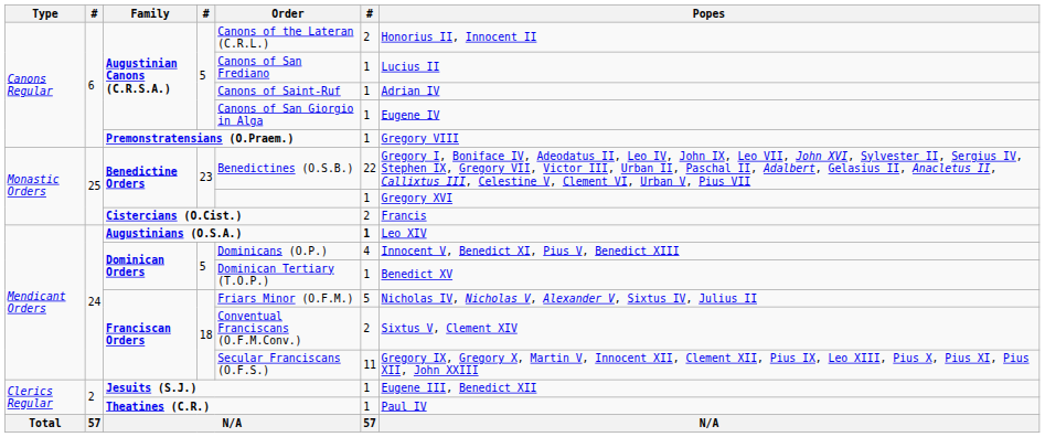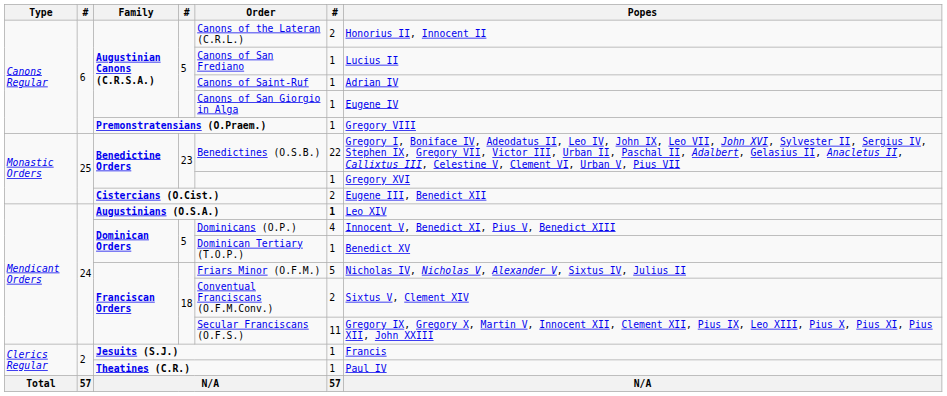 <table class="wikitable">
 <tr>
 <th>Type</th>
 <th>#</th>
 <th>Family</th>
 <th>#</th>
 <th>Order</th>
 <th>#</th>
 <th>Popes</th>
 </tr>
 <tr>
 <td rowspan="5"><em><a href='#'>Canons Regular</a></em></td>
 <td rowspan="5">6</td>
 <td rowspan="4"><strong><a href='#'>Augustinian<br>Canons</a><br>(C.R.S.A.)</strong></td>
 <td rowspan="4">5</td>
 <td><a href='#'>Canons of the Lateran</a> (C.R.L.)</td>
 <td>2</td>
 <td><a href='#'>Honorius II</a>, <a href='#'>Innocent II</a></td>
 </tr>
 <tr>
 <td><a href='#'>Canons of San Frediano</a></td>
 <td>1</td>
 <td><a href='#'>Lucius II</a></td>
 </tr>
 <tr>
 <td><a href='#'>Canons of Saint-Ruf</a></td>
 <td>1</td>
 <td><a href='#'>Adrian IV</a></td>
 </tr>
 <tr>
 <td><a href='#'>Canons of San Giorgio in Alga</a></td>
 <td>1</td>
 <td><a href='#'>Eugene IV</a></td>
 </tr>
 <tr>
 <td colspan="3"><strong><a href='#'>Premonstratensians</a> (O.Praem.)</strong></td>
 <td>1</td>
 <td><a href='#'>Gregory VIII</a></td>
 </tr>
 <tr>
 <td rowspan="3"><em><a href='#'>Monastic Orders</a></em></td>
 <td rowspan="3">25</td>
 <td rowspan="2"><strong><a href='#'>Benedictine Orders</a></strong></td>
 <td rowspan="2">23</td>
 <td><a href='#'>Benedictines</a> (O.S.B.)</td>
 <td>22</td>
 <td><a href='#'>Gregory I</a>, <a href='#'>Boniface IV</a>, <a href='#'>Adeodatus II</a>, <a href='#'>Leo IV</a>, <a href='#'>John IX</a>, <a href='#'>Leo VII</a>, <em><a href='#'>John XVI</a></em>, <a href='#'>Sylvester II</a>, <a href='#'>Sergius IV</a>, <a href='#'>Stephen IX</a>, <a href='#'>Gregory VII</a>, <a href='#'>Victor III</a>, <a href='#'>Urban II</a>, <a href='#'>Paschal II</a>, <em><a href='#'>Adalbert</a></em>, <a href='#'>Gelasius II</a>, <em><a href='#'>Anacletus II</a></em>, <em><a href='#'>Callixtus III</a></em>, <a href='#'>Celestine V</a>, <a href='#'>Clement VI</a>, <a href='#'>Urban V</a>, <a href='#'>Pius VII</a></td>
 </tr>
 <tr>
 <td></td>
 <td>1</td>
 <td><a href='#'>Gregory XVI</a></td>
 </tr>
 <tr>
 <td colspan="3"><strong><a href='#'>Cistercians</a> (O.Cist.)</strong></td>
 <td>2</td>
-<td><a href='#'>Francis</a></td>
+<td><a href='#'>Eugene III</a>, <a href='#'>Benedict XII</a></td>
 </tr>
 <tr>
 <td rowspan="6"><em><a href='#'>Mendicant Orders</a></em></td>
 <td rowspan="6">24</td>
 <td colspan="3"><strong><a href='#'>Augustinians</a> (O.S.A.)</strong></td>
 <td><strong>1</strong></td>
 <td><a href='#'>Leo XIV</a></td>
 </tr>
 <tr>
 <td rowspan="2"><strong><a href='#'>Dominican Orders</a></strong></td>
 <td rowspan="2">5</td>
 <td><a href='#'>Dominicans</a> (O.P.)</td>
 <td>4</td>
 <td><a href='#'>Innocent V</a>, <a href='#'>Benedict XI</a>, <a href='#'>Pius V</a>, <a href='#'>Benedict XIII</a></td>
 </tr>
 <tr>
 <td><a href='#'>Dominican Tertiary</a> (T.O.P.)</td>
 <td>1</td>
 <td><a href='#'>Benedict XV</a></td>
 </tr>
 <tr>
 <td rowspan="3"><strong><a href='#'>Franciscan Orders</a></strong></td>
 <td rowspan="3">18</td>
 <td><a href='#'>Friars Minor</a> (O.F.M.)</td>
 <td>5</td>
 <td><a href='#'>Nicholas IV</a>, <em><a href='#'>Nicholas V</a></em>, <em><a href='#'>Alexander V</a></em>, <a href='#'>Sixtus IV</a>, <a href='#'>Julius II</a></td>
 </tr>
 <tr>
 <td><a href='#'>Conventual Franciscans</a> (O.F.M.Conv.)</td>
 <td>2</td>
 <td><a href='#'>Sixtus V</a>, <a href='#'>Clement XIV</a></td>
 </tr>
 <tr>
 <td><a href='#'>Secular Franciscans</a> (O.F.S.)</td>
 <td>11</td>
 <td><a href='#'>Gregory IX</a>, <a href='#'>Gregory X</a>, <a href='#'>Martin V</a>, <a href='#'>Innocent XII</a>, <a href='#'>Clement XII</a>, <a href='#'>Pius IX</a>, <a href='#'>Leo XIII</a>, <a href='#'>Pius X</a>, <a href='#'>Pius XI</a>, <a href='#'>Pius XII</a>, <a href='#'>John XXIII</a></td>
 </tr>
 <tr>
 <td rowspan="2"><em><a href='#'>Clerics Regular</a></em></td>
 <td rowspan="2">2</td>
 <td colspan="3"><strong><a href='#'>Jesuits</a> (S.J.)</strong></td>
 <td>1</td>
-<td><a href='#'>Eugene III</a>, <a href='#'>Benedict XII</a></td>
+<td><a href='#'>Francis</a></td>
 </tr>
 <tr>
 <td colspan="3"><strong><a href='#'>Theatines</a> (C.R.)</strong></td>
 <td>1</td>
 <td><a href='#'>Paul IV</a></td>
 </tr>
 <tr>
 <th>Total</th>
 <th>57</th>
 <th colspan="3">N/A</th>
 <th>57</th>
 <th>N/A</th>
 </tr>
 </table>
